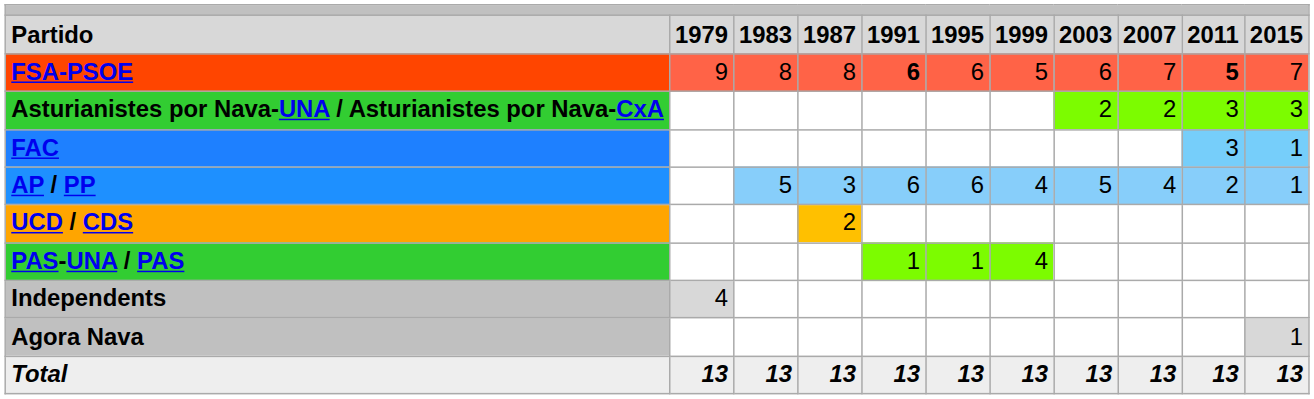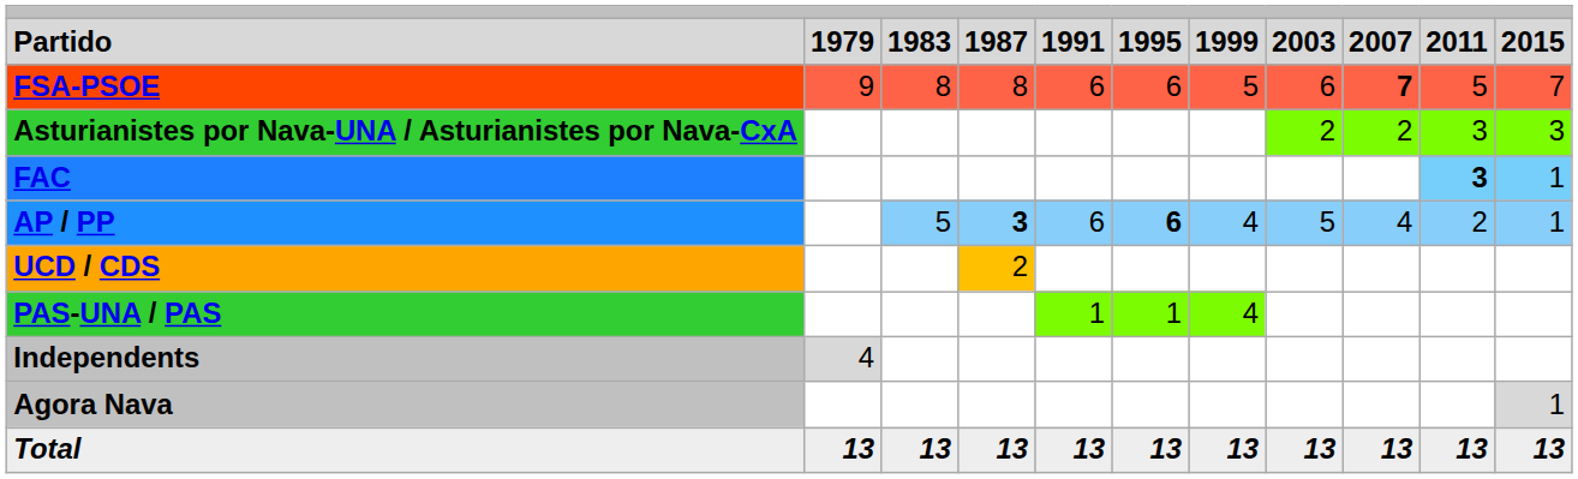 <table class="wikitable" style="margin:0 auto">
 <tr>
 <td colspan="11" width="600px" bgcolor="#C0C0C0"></td>
 </tr>
 <tr bgcolor="#D8D8D8">
 <td><strong>Partido</strong></td>
 <td align="right"><strong>1979</strong></td>
 <td align="right"><strong>1983</strong></td>
 <td align="right"><strong>1987</strong></td>
 <td align="right"><strong>1991</strong></td>
 <td align="right"><strong>1995</strong></td>
 <td align="right"><strong>1999</strong></td>
 <td align="right"><strong>2003</strong></td>
 <td align="right"><strong>2007</strong></td>
 <td align="right"><strong>2011</strong></td>
 <td align="right"><strong>2015</strong></td>
 </tr>
 <tr>
 <td bgcolor="#FF4500"><strong><a href='#'>FSA-PSOE</a></strong></td>
 <td bgcolor="#FF6347" align="right">9</td>
 <td bgcolor="#FF6347" align="right">8</td>
 <td bgcolor="#FF6347" align="right">8</td>
-<td bgcolor="#FF6347" align="right"><strong>6</strong></td>
+<td bgcolor="#FF6347" align="right">6</td>
 <td bgcolor="#FF6347" align="right">6</td>
 <td bgcolor="#FF6347" align="right">5</td>
 <td bgcolor="#FF6347" align="right">6</td>
-<td bgcolor="#FF6347" align="right">7</td>
-<td bgcolor="#FF6347" align="right"><strong>5</strong></td>
+<td bgcolor="#FF6347" align="right"><strong>7</strong></td>
+<td bgcolor="#FF6347" align="right">5</td>
 <td bgcolor="#FF6347" align="right">7</td>
 </tr>
 <tr>
 <td bgcolor="#32CD32"><strong>Asturianistes por Nava-<a href='#'>UNA</a> / Asturianistes por Nava-<a href='#'>CxA</a></strong></td>
 <td bgcolor="#FFFFFF" align="right"></td>
 <td bgcolor="#FFFFFF" align="right"></td>
 <td bgcolor="#FFFFFF" align="right"></td>
 <td bgcolor="#FFFFFF" align="right"></td>
 <td bgcolor="#FFFFFF" align="right"></td>
 <td bgcolor="#FFFFFF" align="right"></td>
 <td bgcolor="#7CFC00" align="right">2</td>
 <td bgcolor="#7CFC00" align="right">2</td>
 <td bgcolor="#7CFC00" align="right">3</td>
 <td bgcolor="#7CFC00" align="right">3</td>
 </tr>
 <tr>
 <td bgcolor="#1E80FF"><strong><a href='#'>FAC</a></strong></td>
 <td bgcolor="#FFFFFF" align="right"></td>
 <td bgcolor="#FFFFFF" align="right"></td>
 <td bgcolor="#FFFFFF" align="right"></td>
 <td bgcolor="#FFFFFF" align="right"></td>
 <td bgcolor="#FFFFFF" align="right"></td>
 <td bgcolor="#FFFFFF" align="right"></td>
 <td bgcolor="#FFFFFF" align="right"></td>
 <td bgcolor="#FFFFFF" align="right"></td>
-<td bgcolor="#76CEFA" align="right">3</td>
+<td bgcolor="#76CEFA" align="right"><strong>3</strong></td>
 <td bgcolor="#76CEFA" align="right">1</td>
 </tr>
 <tr>
 <td bgcolor="#1E90FF"><strong><a href='#'>AP</a> / <a href='#'>PP</a></strong></td>
 <td bgcolor="#FFFFFF" align="right"></td>
 <td bgcolor="#87CEFA" align="right">5</td>
-<td bgcolor="#87CEFA" align="right">3</td>
+<td bgcolor="#87CEFA" align="right"><strong>3</strong></td>
 <td bgcolor="#87CEFA" align="right">6</td>
-<td bgcolor="#87CEFA" align="right">6</td>
+<td bgcolor="#87CEFA" align="right"><strong>6</strong></td>
 <td bgcolor="#87CEFA" align="right">4</td>
 <td bgcolor="#87CEFA" align="right">5</td>
 <td bgcolor="#87CEFA" align="right">4</td>
 <td bgcolor="#87CEFA" align="right">2</td>
 <td bgcolor="#87CEFA" align="right">1</td>
 </tr>
 <tr>
 <td bgcolor="#FFA500"><strong><a href='#'>UCD</a> / <a href='#'>CDS</a></strong></td>
 <td bgcolor="#FFFFFF" align="right"></td>
 <td bgcolor="#FFFFFF" align="right"></td>
 <td bgcolor="#FFC000" align="right">2</td>
 <td bgcolor="#FFFFFF" align="right"></td>
 <td bgcolor="#FFFFFF" align="right"></td>
 <td bgcolor="#FFFFFF" align="right"></td>
 <td bgcolor="#FFFFFF" align="right"></td>
 <td bgcolor="#FFFFFF" align="right"></td>
 <td bgcolor="#FFFFFF" align="right"></td>
 <td bgcolor="#FFFFFF" align="right"></td>
 </tr>
 <tr>
 <td bgcolor="#32CD32"><strong><a href='#'>PAS</a>-<a href='#'>UNA</a> / <a href='#'>PAS</a></strong></td>
 <td bgcolor="#FFFFFF" align="right"></td>
 <td bgcolor="#FFFFFF" align="right"></td>
 <td bgcolor="#FFFFFF" align="right"></td>
 <td bgcolor="#7CFC00" align="right">1</td>
 <td bgcolor="#7CFC00" align="right">1</td>
 <td bgcolor="#7CFC00" align="right">4</td>
 <td bgcolor="#FFFFFF" align="right"></td>
 <td bgcolor="#FFFFFF" align="right"></td>
 <td bgcolor="#FFFFFF" align="right"></td>
 <td bgcolor="#FFFFFF" align="right"></td>
 </tr>
 <tr>
 <td bgcolor="#C0C0C0"><strong>Independents</strong></td>
 <td bgcolor="#D8D8D8" align="right">4</td>
 <td bgcolor="#FFFFFF" align="right"></td>
 <td bgcolor="#FFFFFF" align="right"></td>
 <td bgcolor="#FFFFFF" align="right"></td>
 <td bgcolor="#FFFFFF" align="right"></td>
 <td bgcolor="#FFFFFF" align="right"></td>
 <td bgcolor="#FFFFFF" align="right"></td>
 <td bgcolor="#FFFFFF" align="right"></td>
 <td bgcolor="#FFFFFF" align="right"></td>
 <td bgcolor="#FFFFFF" align="right"></td>
 </tr>
 <tr>
 <td bgcolor="#C0C0C0"><strong>Agora Nava</strong></td>
 <td bgcolor="#FFFFFF" align="right"></td>
 <td bgcolor="#FFFFFF" align="right"></td>
 <td bgcolor="#FFFFFF" align="right"></td>
 <td bgcolor="#FFFFFF" align="right"></td>
 <td bgcolor="#FFFFFF" align="right"></td>
 <td bgcolor="#FFFFFF" align="right"></td>
 <td bgcolor="#FFFFFF" align="right"></td>
 <td bgcolor="#FFFFFF" align="right"></td>
 <td bgcolor="#FFFFFF" align="right"></td>
 <td bgcolor="#D8D8D8" align="right">1</td>
 </tr>
 <tr bgcolor="#EEEEEE">
 <td><strong><em>Total</em></strong></td>
 <td align="right"><strong><em>13</em></strong></td>
 <td align="right"><strong><em>13</em></strong></td>
 <td align="right"><strong><em>13</em></strong></td>
 <td align="right"><strong><em>13</em></strong></td>
 <td align="right"><strong><em>13</em></strong></td>
 <td align="right"><strong><em>13</em></strong></td>
 <td align="right"><strong><em>13</em></strong></td>
 <td align="right"><strong><em>13</em></strong></td>
 <td align="right"><strong><em>13</em></strong></td>
 <td align="right"><strong><em>13</em></strong></td>
 </tr>
 </table>
